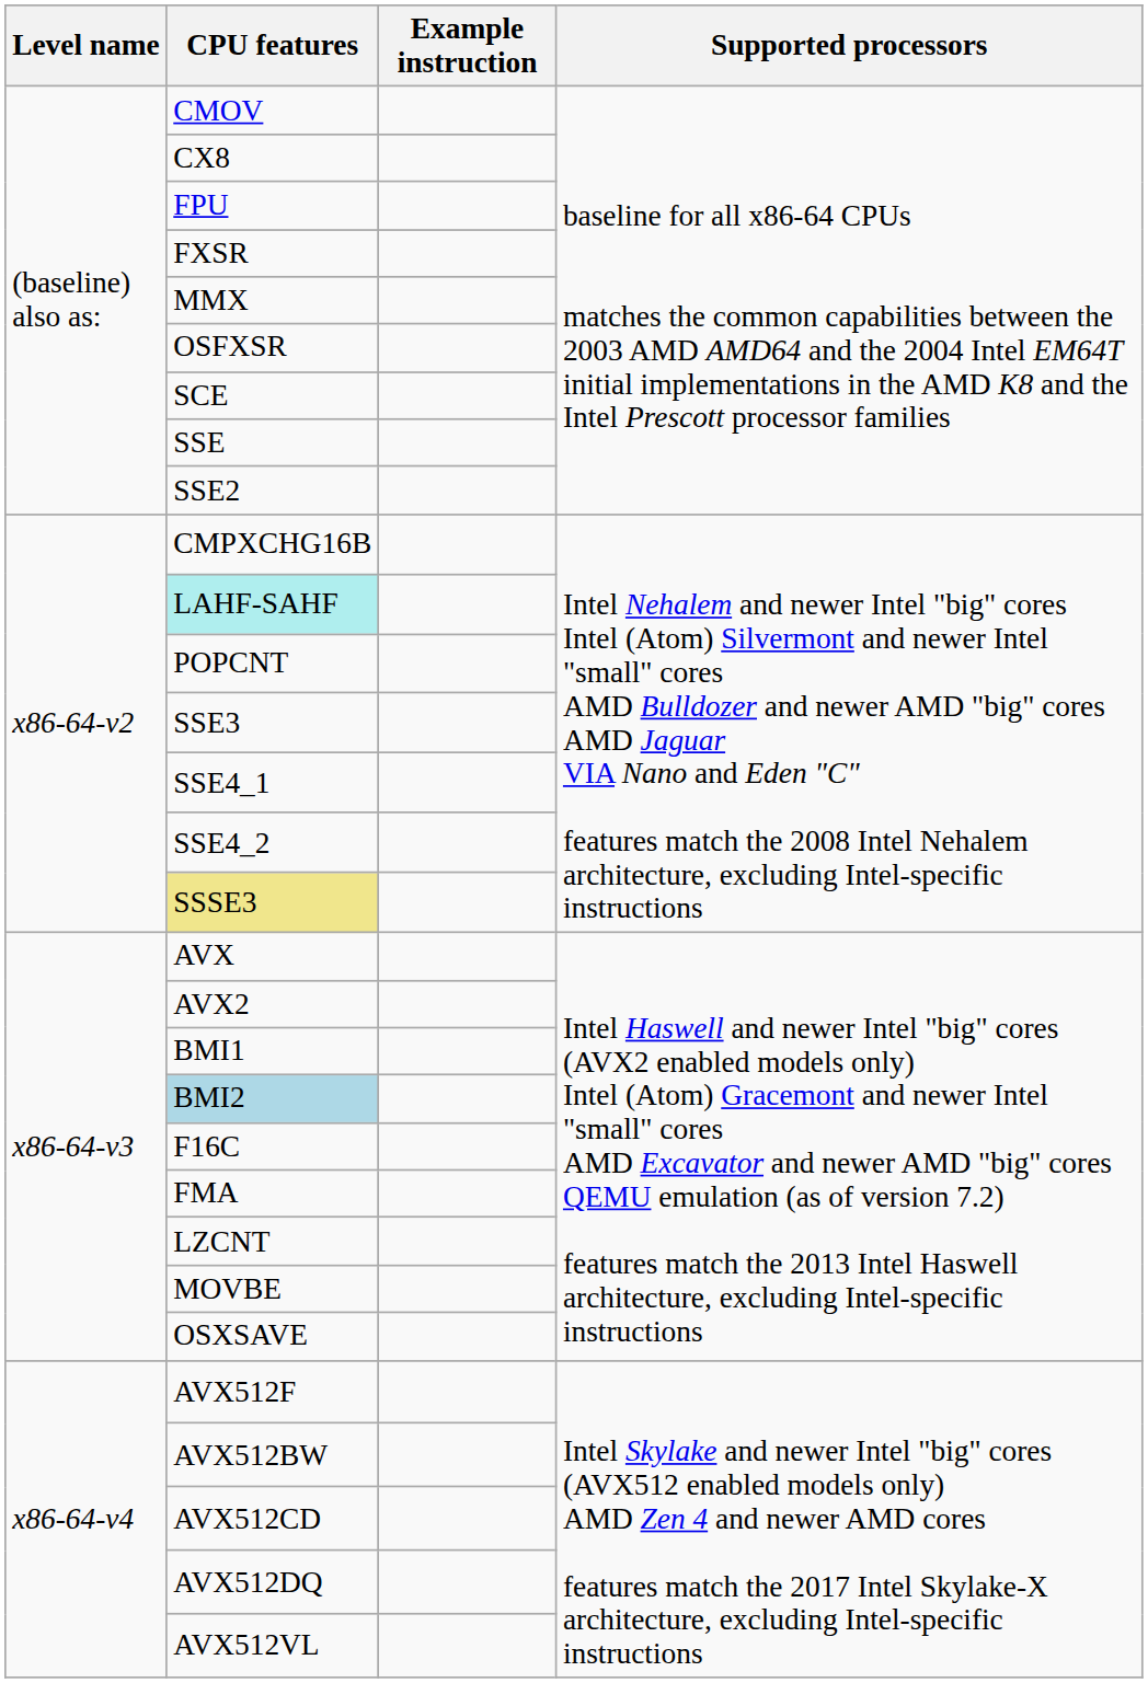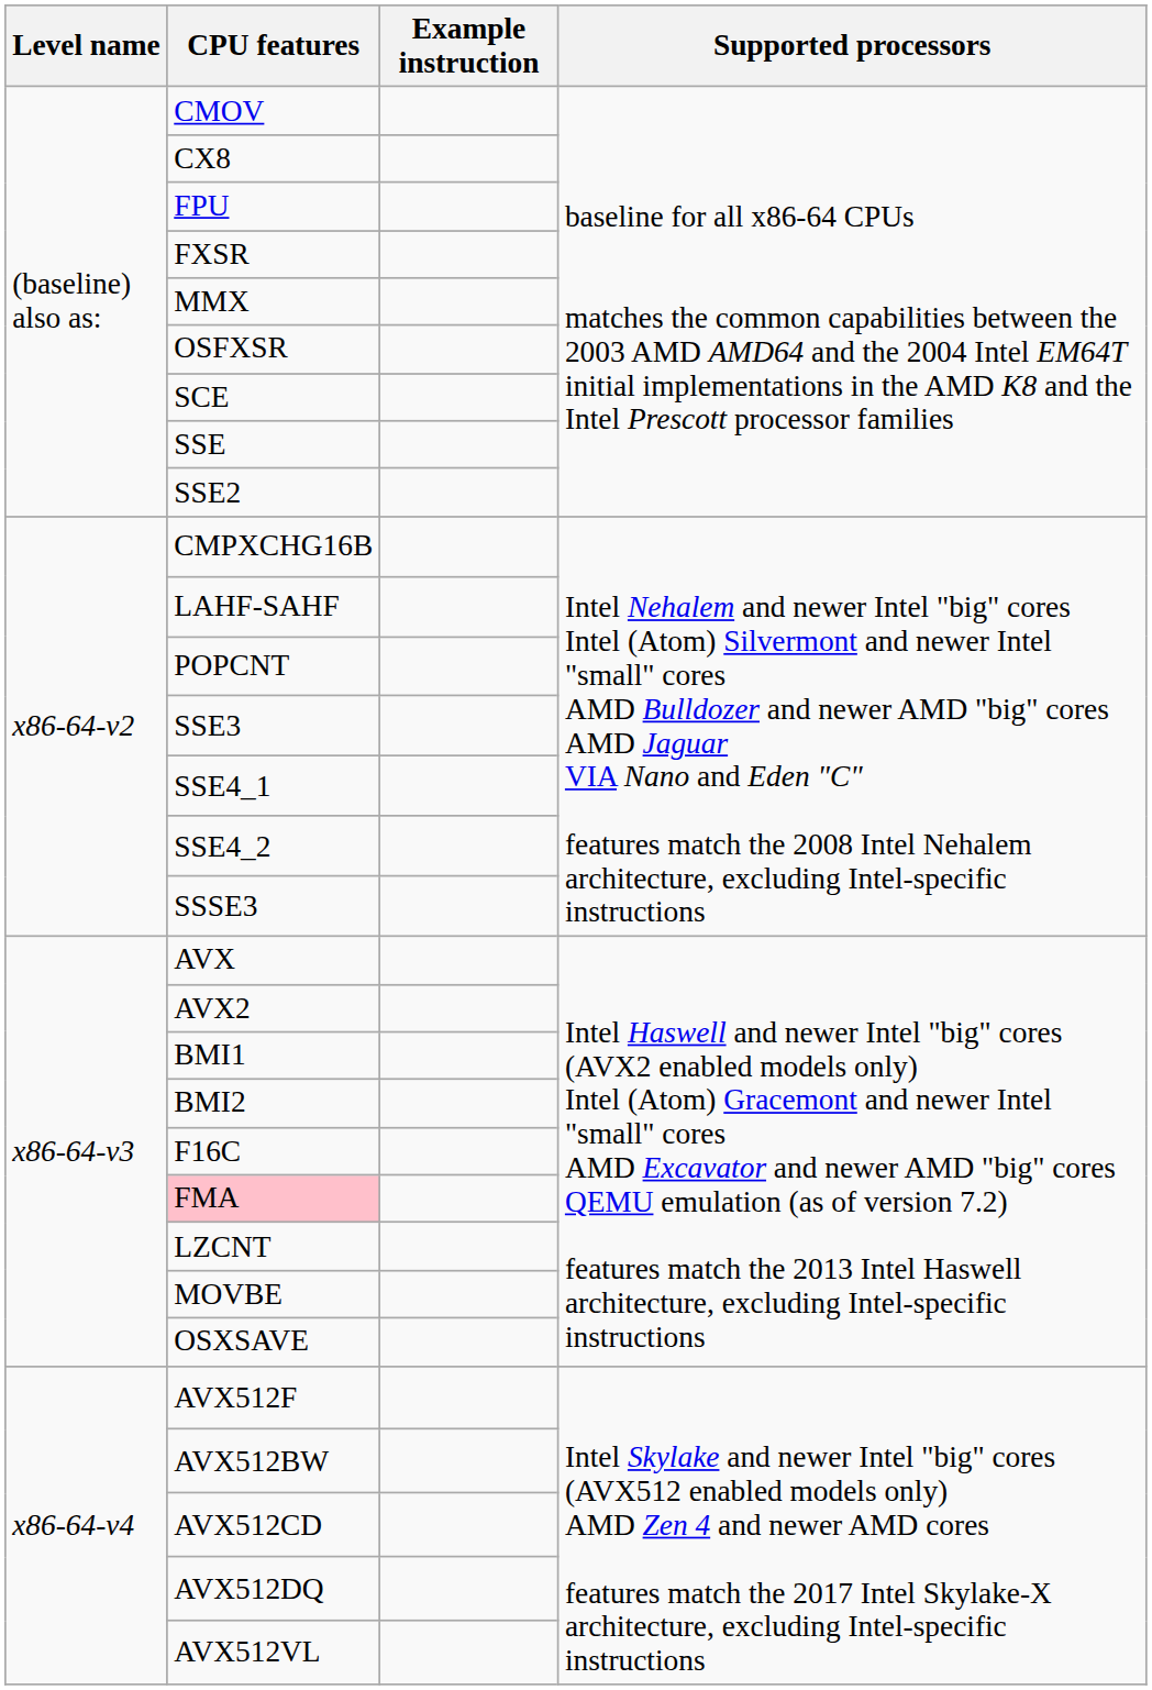 <table class="wikitable">
 <tr>
 <th>Level name</th>
 <th>CPU features</th>
 <th>Example instruction</th>
 <th>Supported processors</th>
 </tr>
 <tr>
 <td rowspan="9">(baseline)<br>also as:<br></td>
 <td><a href='#'>CMOV</a></td>
 <td></td>
 <td rowspan="9"><br>baseline for all x86-64 CPUs<br><br><br>matches the common capabilities between the 2003 AMD <em>AMD64</em> and the 2004 Intel <em>EM64T</em> initial implementations in the AMD <em>K8</em> and the Intel <em>Prescott</em> processor families</td>
 </tr>
 <tr>
 <td>CX8</td>
 <td></td>
 </tr>
 <tr>
 <td><a href='#'>FPU</a></td>
 <td></td>
 </tr>
 <tr>
 <td>FXSR</td>
 <td></td>
 </tr>
 <tr>
 <td>MMX</td>
 <td></td>
 </tr>
 <tr>
 <td>OSFXSR</td>
 <td></td>
 </tr>
 <tr>
 <td>SCE</td>
 <td></td>
 </tr>
 <tr>
 <td>SSE</td>
 <td></td>
 </tr>
 <tr>
 <td>SSE2</td>
 <td></td>
 </tr>
 <tr>
 <td rowspan="7"><em>x86-64-v2</em></td>
 <td>CMPXCHG16B</td>
 <td></td>
 <td rowspan="7"><br><br>Intel <a href='#'><em>Nehalem</em></a> and newer Intel "big" cores<br> Intel (Atom) <a href='#'>Silvermont</a> and newer Intel "small" cores<br> AMD <a href='#'><em>Bulldozer</em></a> and newer AMD "big" cores<br> AMD <a href='#'><em>Jaguar</em></a><br> <a href='#'>VIA</a> <em>Nano</em> and <em>Eden "C"</em><br> <br>features match the 2008 Intel Nehalem architecture, excluding Intel-specific instructions</td>
 </tr>
 <tr>
-<td style="background: paleturquoise;">LAHF-SAHF</td>
+<td>LAHF-SAHF</td>
 <td></td>
 </tr>
 <tr>
 <td>POPCNT</td>
 <td></td>
 </tr>
 <tr>
 <td>SSE3</td>
 <td></td>
 </tr>
 <tr>
 <td>SSE4_1</td>
 <td></td>
 </tr>
 <tr>
 <td>SSE4_2</td>
 <td></td>
 </tr>
 <tr>
-<td style="background: khaki;">SSSE3</td>
+<td>SSSE3</td>
 <td></td>
 </tr>
 <tr>
 <td rowspan=9><em>x86-64-v3</em></td>
 <td>AVX</td>
 <td></td>
 <td rowspan=9><br><br>Intel <a href='#'><em>Haswell</em></a> and newer Intel "big" cores (AVX2 enabled models only)<br> Intel (Atom) <a href='#'>Gracemont</a> and newer Intel "small" cores<br> AMD <a href='#'><em>Excavator</em></a> and newer AMD "big" cores<br> <a href='#'>QEMU</a> emulation (as of version 7.2)<br> <br>features match the 2013 Intel Haswell architecture, excluding Intel-specific instructions</td>
 </tr>
 <tr>
 <td>AVX2</td>
 <td></td>
 </tr>
 <tr>
 <td>BMI1</td>
 <td></td>
 </tr>
 <tr>
-<td style="background: lightblue;">BMI2</td>
+<td>BMI2</td>
 <td></td>
 </tr>
 <tr>
 <td>F16C</td>
 <td></td>
 </tr>
 <tr>
-<td>FMA</td>
+<td style="background: pink;">FMA</td>
 <td></td>
 </tr>
 <tr>
 <td>LZCNT</td>
 <td></td>
 </tr>
 <tr>
 <td>MOVBE</td>
 <td></td>
 </tr>
 <tr>
 <td>OSXSAVE</td>
 <td></td>
 </tr>
 <tr>
 <td rowspan="5"><em>x86-64-v4</em></td>
 <td>AVX512F</td>
 <td></td>
 <td rowspan="5"><br><br>Intel <a href='#'><em>Skylake</em></a> and newer Intel "big" cores (AVX512 enabled models only)<br> AMD <em><a href='#'>Zen 4</a></em> and newer AMD cores<br> <br>features match the 2017 Intel Skylake-X architecture, excluding Intel-specific instructions</td>
 </tr>
 <tr>
 <td>AVX512BW</td>
 <td></td>
 </tr>
 <tr>
 <td>AVX512CD</td>
 <td></td>
 </tr>
 <tr>
 <td>AVX512DQ</td>
 <td></td>
 </tr>
 <tr>
 <td>AVX512VL</td>
 <td></td>
 </tr>
 </table>
